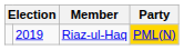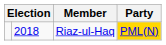 <table class="wikitable">
 <tr>
 <th colspan="2">Election</th>
 <th>Member</th>
 <th>Party</th>
 </tr>
 <tr>
 <td style="background-color: "></td>
-<td><a href='#'>2019</a></td>
+<td><a href='#'>2018</a></td>
 <td><a href='#'>Riaz-ul-Haq</a></td>
 <td style="background: gold;"><a href='#'>PML(N)</a></td>
 </tr>
 </table>
